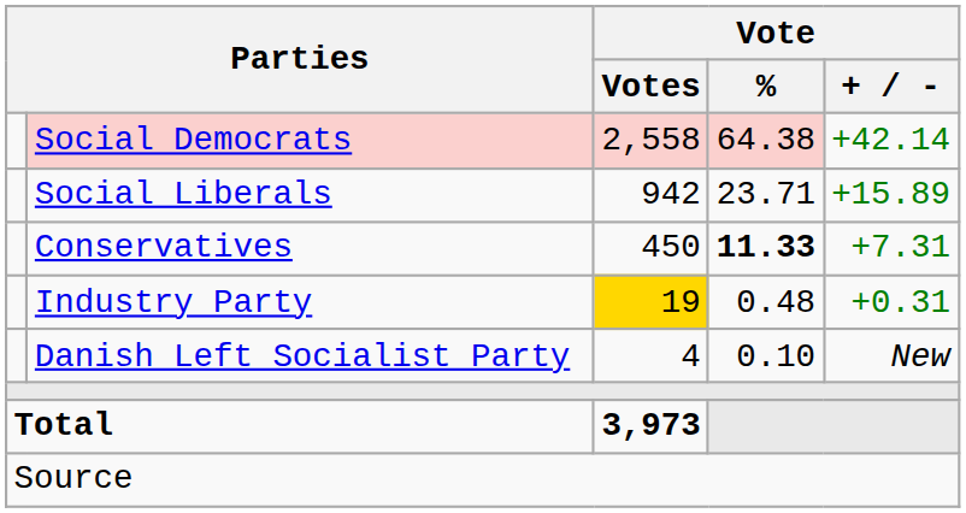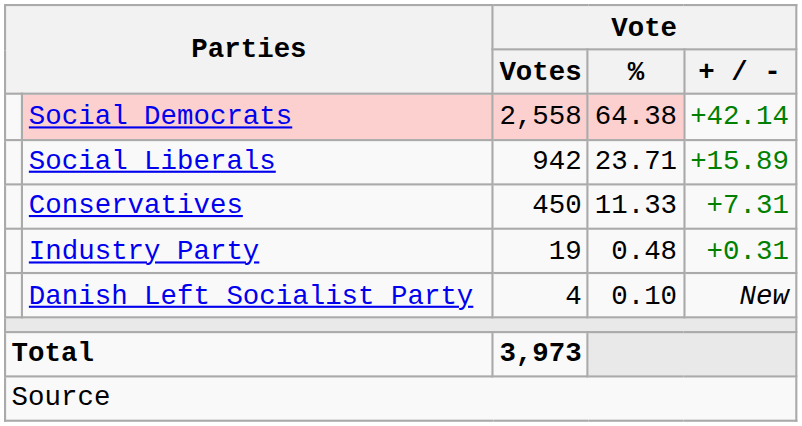 <table class="wikitable" style="text-align:right;">
 <tr>
 <th style="text-align:centre;" rowspan="2" colspan="2" width="225">Parties</th>
 <th colspan="3">Vote</th>
 </tr>
 <tr>
 <th width="15">Votes</th>
 <th width="15">%</th>
 <th width="15">+ / -</th>
 </tr>
 <tr>
 <td width="2" style="color:inherit;background:"></td>
 <td bgcolor=#fbd0ce  align="left"><a href='#'>Social Democrats</a></td>
 <td bgcolor=#fbd0ce>2,558</td>
 <td bgcolor=#fbd0ce>64.38</td>
 <td style=color:green;>+42.14</td>
 </tr>
 <tr>
 <td width="2" style="color:inherit;background:"></td>
 <td align="left"><a href='#'>Social Liberals</a></td>
 <td>942</td>
 <td>23.71</td>
 <td style=color:green;>+15.89</td>
 </tr>
 <tr>
 <td width="2" style="color:inherit;background:"></td>
 <td align="left"><a href='#'>Conservatives</a></td>
 <td>450</td>
-<td><strong>11.33</strong></td>
+<td>11.33</td>
 <td style=color:green;>+7.31</td>
 </tr>
 <tr>
 <td width="2" style="color:inherit;background:"></td>
 <td align="left"><a href='#'>Industry Party</a></td>
-<td style="background: gold;">19</td>
+<td>19</td>
 <td>0.48</td>
 <td style=color:green;>+0.31</td>
 </tr>
 <tr>
 <td width="2" style="color:inherit;background:"></td>
 <td align="left"><a href='#'>Danish Left Socialist Party</a></td>
 <td>4</td>
 <td>0.10</td>
 <td><em>New</em></td>
 </tr>
 <tr>
 <td colspan="7" bgcolor="#E9E9E9"></td>
 </tr>
 <tr>
 <td align="left" colspan="2"><strong>Total</strong></td>
 <td><strong>3,973</strong></td>
 <td bgcolor="#E9E9E9" colspan="2"></td>
 </tr>
 <tr>
 <td align="left" colspan="6">Source</td>
 </tr>
 </table>
